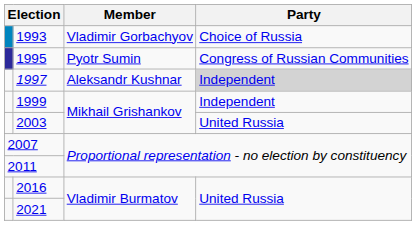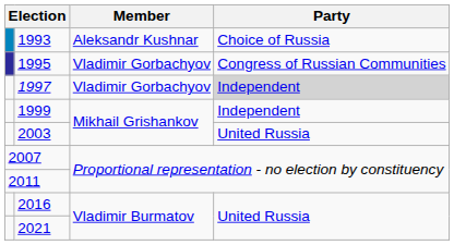 <table class="wikitable">
 <tr>
 <th colspan="2">Election</th>
 <th>Member</th>
 <th>Party</th>
 </tr>
 <tr>
 <td style="background-color:#0085BE"></td>
 <td><a href='#'>1993</a></td>
-<td><a href='#'>Vladimir Gorbachyov</a></td>
+<td><a href='#'>Aleksandr Kushnar</a></td>
 <td><a href='#'>Choice of Russia</a></td>
 </tr>
 <tr>
 <td style="background-color:#2C299A"></td>
 <td><a href='#'>1995</a></td>
-<td><a href='#'>Pyotr Sumin</a></td>
+<td><a href='#'>Vladimir Gorbachyov</a></td>
 <td><a href='#'>Congress of Russian Communities</a></td>
 </tr>
 <tr>
 <td style="background-color:"></td>
 <td><em><a href='#'>1997</a></em></td>
-<td><a href='#'>Aleksandr Kushnar</a></td>
+<td><a href='#'>Vladimir Gorbachyov</a></td>
 <td style="background: lightgrey;"><a href='#'>Independent</a></td>
 </tr>
 <tr>
 <td style="background-color:"></td>
 <td><a href='#'>1999</a></td>
 <td rowspan=2><a href='#'>Mikhail Grishankov</a></td>
 <td><a href='#'>Independent</a></td>
 </tr>
 <tr>
 <td style="background-color:"></td>
 <td><a href='#'>2003</a></td>
 <td><a href='#'>United Russia</a></td>
 </tr>
 <tr>
 <td colspan=2><a href='#'>2007</a></td>
 <td colspan=2 rowspan=2><em><a href='#'>Proportional representation</a> - no election by constituency</em></td>
 </tr>
 <tr>
 <td colspan=2><a href='#'>2011</a></td>
 </tr>
 <tr>
 <td style="background-color: "></td>
 <td><a href='#'>2016</a></td>
 <td rowspan=2><a href='#'>Vladimir Burmatov</a></td>
 <td rowspan=2><a href='#'>United Russia</a></td>
 </tr>
 <tr>
 <td style="background-color: "></td>
 <td><a href='#'>2021</a></td>
 </tr>
 </table>
